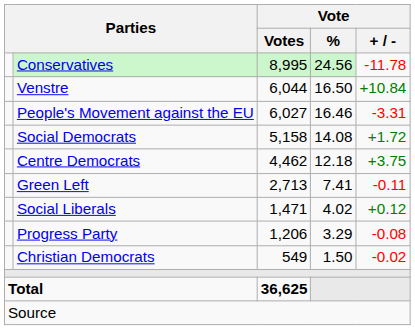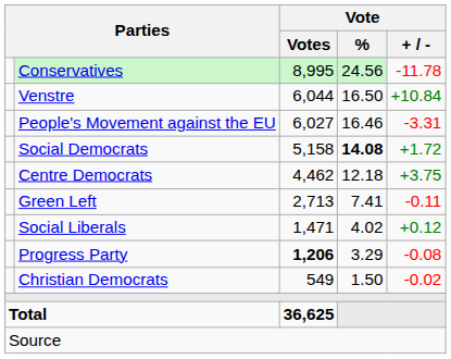 <table class="wikitable" style="text-align:right;">
 <tr>
 <th style="text-align:centre;" rowspan="2" colspan="2" width="225">Parties</th>
 <th colspan="3">Vote</th>
 </tr>
 <tr>
 <th width="15">Votes</th>
 <th width="15">%</th>
 <th width="15">+ / -</th>
 </tr>
 <tr>
 <td width="2" style="color:inherit;background:"></td>
 <td bgcolor=#ccf7cc   align="left"><a href='#'>Conservatives</a></td>
 <td bgcolor=#ccf7cc>8,995</td>
 <td bgcolor=#ccf7cc>24.56</td>
 <td style=color:red;>-11.78</td>
 </tr>
 <tr>
 <td width="2" style="color:inherit;background:"></td>
 <td align="left"><a href='#'>Venstre</a></td>
 <td>6,044</td>
 <td>16.50</td>
 <td style=color:green;>+10.84</td>
 </tr>
 <tr>
 <td width="2" style="color:inherit;background:"></td>
 <td align="left"><a href='#'>People's Movement against the EU</a></td>
 <td>6,027</td>
 <td>16.46</td>
 <td style=color:red;>-3.31</td>
 </tr>
 <tr>
 <td width="2" style="color:inherit;background:"></td>
 <td align="left"><a href='#'>Social Democrats</a></td>
 <td>5,158</td>
-<td>14.08</td>
+<td><strong>14.08</strong></td>
 <td style=color:green;>+1.72</td>
 </tr>
 <tr>
 <td width="2" style="color:inherit;background:"></td>
 <td align="left"><a href='#'>Centre Democrats</a></td>
 <td>4,462</td>
 <td>12.18</td>
 <td style=color:green;>+3.75</td>
 </tr>
 <tr>
 <td width="2" style="color:inherit;background:"></td>
 <td align="left"><a href='#'>Green Left</a></td>
 <td>2,713</td>
 <td>7.41</td>
 <td style=color:red;>-0.11</td>
 </tr>
 <tr>
 <td width="2" style="color:inherit;background:"></td>
 <td align="left"><a href='#'>Social Liberals</a></td>
 <td>1,471</td>
 <td>4.02</td>
 <td style=color:green;>+0.12</td>
 </tr>
 <tr>
 <td width="2" style="color:inherit;background:"></td>
 <td align="left"><a href='#'>Progress Party</a></td>
-<td>1,206</td>
+<td><strong>1,206</strong></td>
 <td>3.29</td>
 <td style=color:red;>-0.08</td>
 </tr>
 <tr>
 <td width="2" style="color:inherit;background:"></td>
 <td align="left"><a href='#'>Christian Democrats</a></td>
 <td>549</td>
 <td>1.50</td>
 <td style=color:red;>-0.02</td>
 </tr>
 <tr>
 <td colspan="7" bgcolor="#E9E9E9"></td>
 </tr>
 <tr>
 <td align="left" colspan="2"><strong>Total</strong></td>
 <td><strong>36,625</strong></td>
 <td bgcolor="#E9E9E9" colspan="2"></td>
 </tr>
 <tr>
 <td align="left" colspan="6">Source</td>
 </tr>
 </table>
